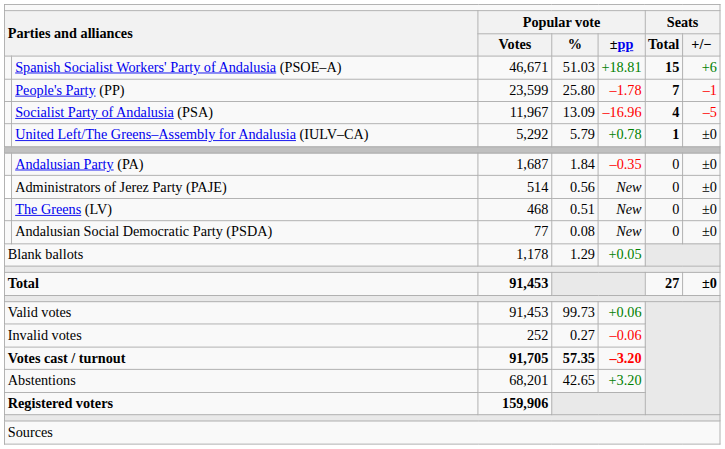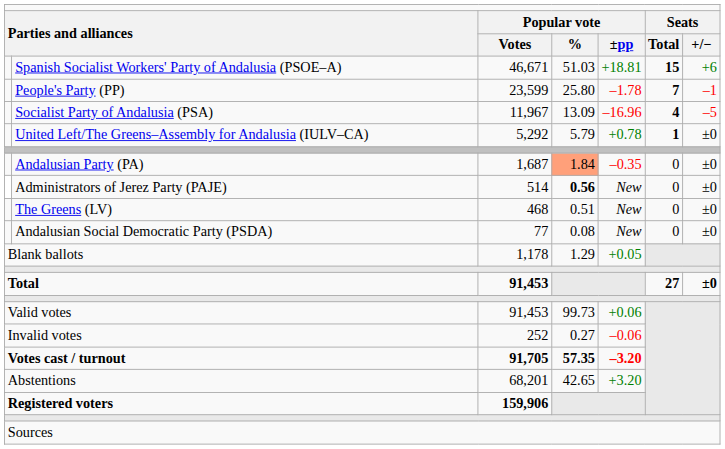 <table class="wikitable" style="text-align:right;">
 <tr>
 <td colspan="7"></td>
 </tr>
 <tr>
 <th style="text-align:left;" rowspan="2" colspan="2" width="525">Parties and alliances</th>
 <th colspan="3">Popular vote</th>
 <th colspan="2">Seats</th>
 </tr>
 <tr>
 <th width="75">Votes</th>
 <th width="45">%</th>
 <th width="45">±<a href='#'>pp</a></th>
 <th width="35">Total</th>
 <th width="35">+/−</th>
 </tr>
 <tr>
 <td width="1" style="color:inherit;background:"></td>
 <td align="left"><a href='#'>Spanish Socialist Workers' Party of Andalusia</a> (PSOE–A)</td>
 <td>46,671</td>
 <td>51.03</td>
 <td style="color:green;">+18.81</td>
 <td><strong>15</strong></td>
 <td style="color:green;">+6</td>
 </tr>
 <tr>
 <td style="color:inherit;background:"></td>
 <td align="left"><a href='#'>People's Party</a> (PP)</td>
 <td>23,599</td>
 <td>25.80</td>
 <td style="color:red;">–1.78</td>
 <td><strong>7</strong></td>
 <td style="color:red;">–1</td>
 </tr>
 <tr>
 <td style="color:inherit;background:"></td>
 <td align="left"><a href='#'>Socialist Party of Andalusia</a> (PSA)</td>
 <td>11,967</td>
 <td>13.09</td>
 <td style="color:red;">–16.96</td>
 <td><strong>4</strong></td>
 <td style="color:red;">–5</td>
 </tr>
 <tr>
 <td style="color:inherit;background:"></td>
 <td align="left"><a href='#'>United Left/The Greens–Assembly for Andalusia</a> (IULV–CA)</td>
 <td>5,292</td>
 <td>5.79</td>
 <td style="color:green;">+0.78</td>
 <td><strong>1</strong></td>
 <td>±0</td>
 </tr>
 <tr>
 <td colspan="7" bgcolor="#C0C0C0"></td>
 </tr>
 <tr>
 <td style="color:inherit;background:"></td>
 <td align="left"><a href='#'>Andalusian Party</a> (PA)</td>
 <td>1,687</td>
-<td>1.84</td>
+<td style="background: lightsalmon;">1.84</td>
 <td style="color:red;">–0.35</td>
 <td>0</td>
 <td>±0</td>
 </tr>
 <tr>
 <td bgcolor="white"></td>
 <td align="left">Administrators of Jerez Party (PAJE)</td>
 <td>514</td>
-<td>0.56</td>
+<td><strong>0.56</strong></td>
 <td><em>New</em></td>
 <td>0</td>
 <td>±0</td>
 </tr>
 <tr>
 <td style="color:inherit;background:"></td>
 <td align="left"><a href='#'>The Greens</a> (LV)</td>
 <td>468</td>
 <td>0.51</td>
 <td><em>New</em></td>
 <td>0</td>
 <td>±0</td>
 </tr>
 <tr>
 <td style="color:inherit;background:"></td>
 <td align="left">Andalusian Social Democratic Party (PSDA)</td>
 <td>77</td>
 <td>0.08</td>
 <td><em>New</em></td>
 <td>0</td>
 <td>±0</td>
 </tr>
 <tr>
 <td align="left" colspan="2">Blank ballots</td>
 <td>1,178</td>
 <td>1.29</td>
 <td style="color:green;">+0.05</td>
 <td bgcolor="#E9E9E9" colspan="2"></td>
 </tr>
 <tr>
 <td colspan="7" bgcolor="#E9E9E9"></td>
 </tr>
 <tr style="font-weight:bold;">
 <td align="left" colspan="2">Total</td>
 <td>91,453</td>
 <td bgcolor="#E9E9E9" colspan="2"></td>
 <td>27</td>
 <td>±0</td>
 </tr>
 <tr>
 <td colspan="7" bgcolor="#E9E9E9"></td>
 </tr>
 <tr>
 <td align="left" colspan="2">Valid votes</td>
 <td>91,453</td>
 <td>99.73</td>
 <td style="color:green;">+0.06</td>
 <td bgcolor="#E9E9E9" colspan="2" rowspan="5"></td>
 </tr>
 <tr>
 <td align="left" colspan="2">Invalid votes</td>
 <td>252</td>
 <td>0.27</td>
 <td style="color:red;">–0.06</td>
 </tr>
 <tr style="font-weight:bold;">
 <td align="left" colspan="2">Votes cast / turnout</td>
 <td>91,705</td>
 <td>57.35</td>
 <td style="color:red;">–3.20</td>
 </tr>
 <tr>
 <td align="left" colspan="2">Abstentions</td>
 <td>68,201</td>
 <td>42.65</td>
 <td style="color:green;">+3.20</td>
 </tr>
 <tr style="font-weight:bold;">
 <td align="left" colspan="2">Registered voters</td>
 <td>159,906</td>
 <td bgcolor="#E9E9E9" colspan="2"></td>
 </tr>
 <tr>
 <td colspan="7" bgcolor="#E9E9E9"></td>
 </tr>
 <tr>
 <td align="left" colspan="7">Sources</td>
 </tr>
 </table>
